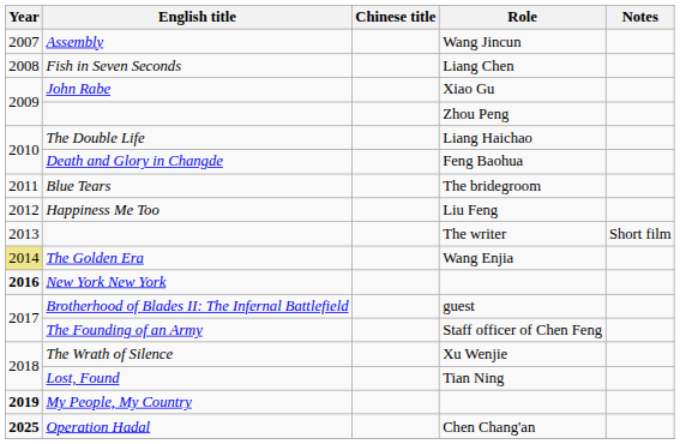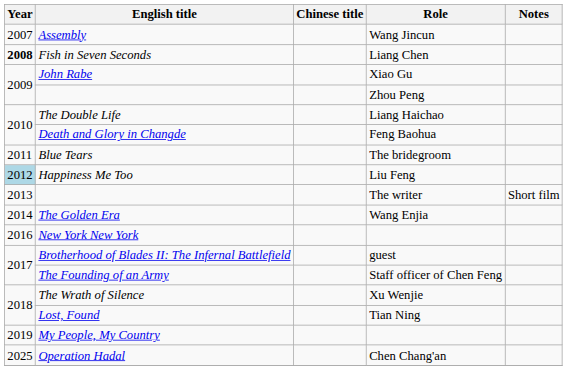 <table class="wikitable">
 <tr>
 <th>Year</th>
 <th>English title</th>
 <th>Chinese title</th>
 <th>Role</th>
 <th>Notes</th>
 </tr>
 <tr>
 <td>2007</td>
 <td><em><a href='#'>Assembly</a></em></td>
 <td></td>
 <td>Wang Jincun</td>
 <td></td>
 </tr>
 <tr>
-<td>2008</td>
+<td><strong>2008</strong></td>
 <td><em>Fish in Seven Seconds</em></td>
 <td></td>
 <td>Liang Chen</td>
 <td></td>
 </tr>
 <tr>
 <td rowspan=2>2009</td>
 <td><em><a href='#'>John Rabe</a></em></td>
 <td></td>
 <td>Xiao Gu</td>
 <td></td>
 </tr>
 <tr>
 <td></td>
 <td></td>
 <td>Zhou Peng</td>
 <td></td>
 </tr>
 <tr>
 <td rowspan=2>2010</td>
 <td><em>The Double Life</em></td>
 <td></td>
 <td>Liang Haichao</td>
 <td></td>
 </tr>
 <tr>
 <td><em><a href='#'>Death and Glory in Changde</a></em></td>
 <td></td>
 <td>Feng Baohua</td>
 <td></td>
 </tr>
 <tr>
 <td>2011</td>
 <td><em>Blue Tears</em></td>
 <td></td>
 <td>The bridegroom</td>
 <td></td>
 </tr>
 <tr>
-<td>2012</td>
+<td style="background: lightblue;">2012</td>
 <td><em>Happiness Me Too</em></td>
 <td></td>
 <td>Liu Feng</td>
 <td></td>
 </tr>
 <tr>
 <td>2013</td>
 <td></td>
 <td></td>
 <td>The writer</td>
 <td>Short film</td>
 </tr>
 <tr>
-<td style="background: khaki;">2014</td>
+<td>2014</td>
 <td><em><a href='#'>The Golden Era</a></em></td>
 <td></td>
 <td>Wang Enjia</td>
 <td></td>
 </tr>
 <tr>
-<td><strong>2016</strong></td>
+<td>2016</td>
 <td><em><a href='#'>New York New York</a></em></td>
 <td></td>
 <td></td>
 <td></td>
 </tr>
 <tr>
 <td rowspan=2>2017</td>
 <td><em><a href='#'>Brotherhood of Blades II: The Infernal Battlefield</a></em></td>
 <td></td>
 <td>guest</td>
 <td></td>
 </tr>
 <tr>
 <td><em><a href='#'>The Founding of an Army</a></em></td>
 <td></td>
 <td>Staff officer of Chen Feng</td>
 <td></td>
 </tr>
 <tr>
 <td rowspan=2>2018</td>
 <td><em>The Wrath of Silence</em></td>
 <td></td>
 <td>Xu Wenjie</td>
 <td></td>
 </tr>
 <tr>
 <td><em><a href='#'>Lost, Found</a></em></td>
 <td></td>
 <td>Tian Ning</td>
 <td></td>
 </tr>
 <tr>
-<td><strong>2019</strong></td>
+<td>2019</td>
 <td><em><a href='#'>My People, My Country</a></em></td>
 <td></td>
 <td></td>
 <td></td>
 </tr>
 <tr>
-<td><strong>2025</strong></td>
+<td>2025</td>
 <td><em><a href='#'>Operation Hadal</a></em></td>
 <td></td>
 <td>Chen Chang'an</td>
 <td></td>
 </tr>
 <tr>
 </tr>
 </table>
